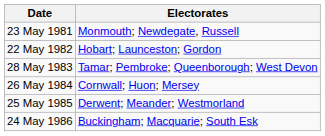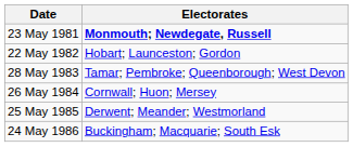 <table class=wikitable>
 <tr>
 <th>Date</th>
 <th>Electorates</th>
 </tr>
 <tr>
 <td>23 May 1981</td>
-<td><a href='#'>Monmouth</a>; <a href='#'>Newdegate</a>, <a href='#'>Russell</a></td>
+<td><strong><a href='#'>Monmouth</a>; <a href='#'>Newdegate</a>, <a href='#'>Russell</a></strong></td>
 </tr>
 <tr>
 <td>22 May 1982</td>
 <td><a href='#'>Hobart</a>; <a href='#'>Launceston</a>; <a href='#'>Gordon</a></td>
 </tr>
 <tr>
 <td>28 May 1983</td>
 <td><a href='#'>Tamar</a>; <a href='#'>Pembroke</a>; <a href='#'>Queenborough</a>; <a href='#'>West Devon</a></td>
 </tr>
 <tr>
 <td>26 May 1984</td>
 <td><a href='#'>Cornwall</a>; <a href='#'>Huon</a>; <a href='#'>Mersey</a></td>
 </tr>
 <tr>
 <td>25 May 1985</td>
 <td><a href='#'>Derwent</a>; <a href='#'>Meander</a>; <a href='#'>Westmorland</a></td>
 </tr>
 <tr>
 <td>24 May 1986</td>
 <td><a href='#'>Buckingham</a>; <a href='#'>Macquarie</a>; <a href='#'>South Esk</a></td>
 </tr>
 </table>
